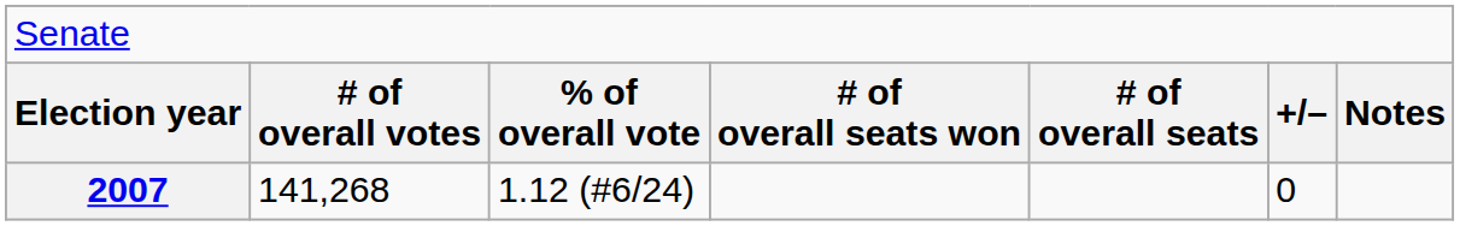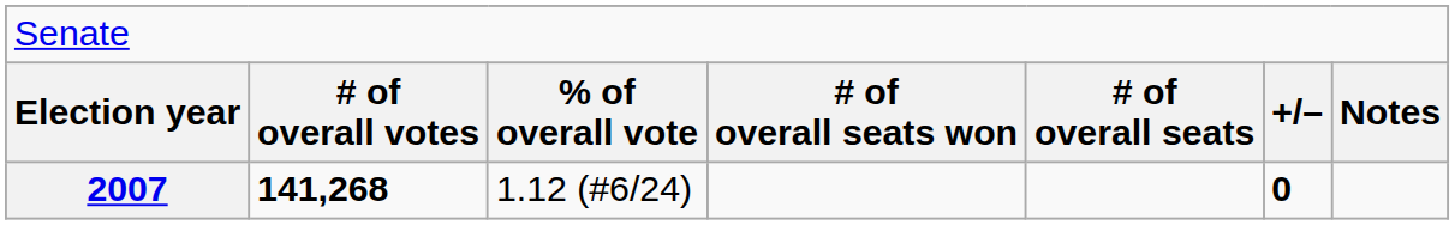 <table class=wikitable>
 <tr>
 <td colspan=7><a href='#'>Senate</a></td>
 </tr>
 <tr>
 <th>Election year</th>
 <th># of<br>overall votes</th>
 <th>% of<br>overall vote</th>
 <th># of<br>overall seats won</th>
 <th># of<br>overall seats</th>
 <th>+/–</th>
 <th>Notes</th>
 </tr>
 <tr>
 <th><a href='#'>2007</a></th>
-<td>141,268</td>
+<td><strong>141,268</strong></td>
 <td>1.12 (#6/24)</td>
 <td></td>
 <td></td>
-<td> 0</td>
+<td><strong> 0</strong></td>
 </tr>
 </table>
